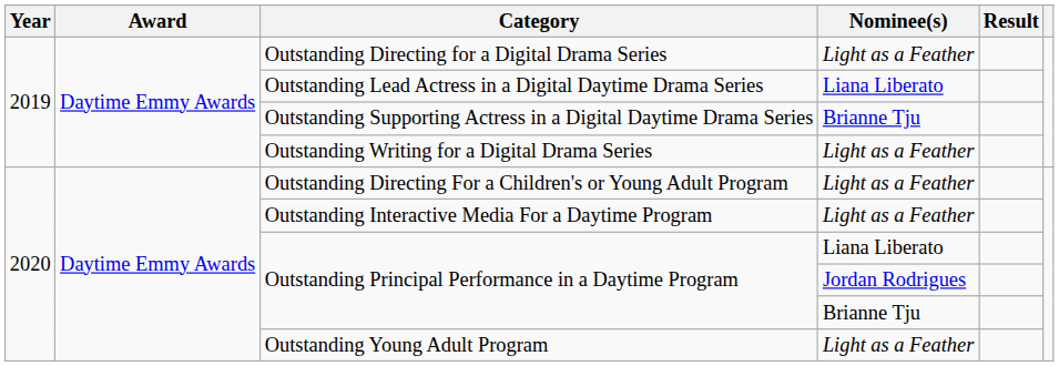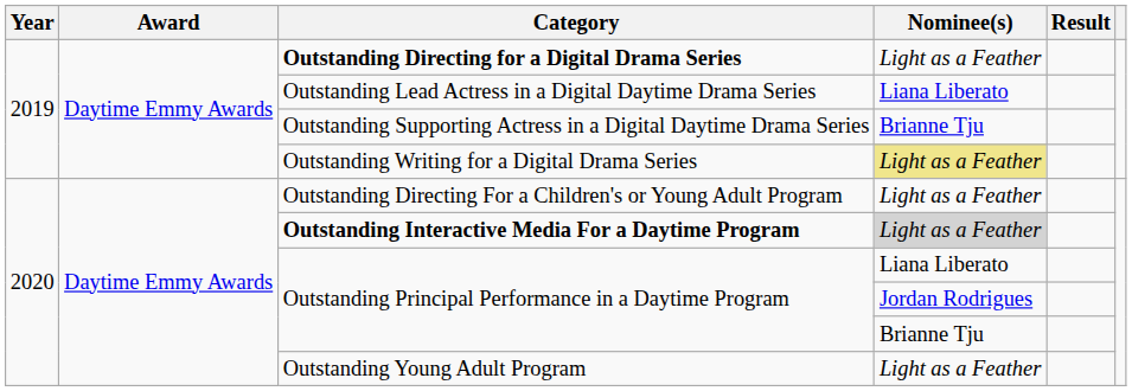 <table class="wikitable sortable">
 <tr>
 <th scope="col">Year</th>
 <th scope="col">Award</th>
 <th scope="col">Category</th>
 <th scope="col">Nominee(s)</th>
 <th scope="col">Result</th>
 <th scope="col" class="unsortable"></th>
 </tr>
 <tr>
 <td rowspan="4">2019</td>
 <td rowspan="4"><a href='#'>Daytime Emmy Awards</a></td>
-<td>Outstanding Directing for a Digital Drama Series</td>
+<td><strong>Outstanding Directing for a Digital Drama Series</strong></td>
 <td><em>Light as a Feather</em></td>
 <td></td>
 <td rowspan="4" style="text-align: center;"></td>
 </tr>
 <tr>
 <td>Outstanding Lead Actress in a Digital Daytime Drama Series</td>
 <td data-sort-value="Liberato, Liana"><a href='#'>Liana Liberato</a></td>
 <td></td>
 </tr>
 <tr>
 <td>Outstanding Supporting Actress in a Digital Daytime Drama Series</td>
 <td data-sort-value="Tju, Brianne"><a href='#'>Brianne Tju</a></td>
 <td></td>
 </tr>
 <tr>
 <td>Outstanding Writing for a Digital Drama Series</td>
-<td><em>Light as a Feather</em></td>
+<td style="background: khaki;"><em>Light as a Feather</em></td>
 <td></td>
 </tr>
 <tr>
 <td rowspan="6">2020</td>
 <td rowspan="6"><a href='#'>Daytime Emmy Awards</a></td>
 <td>Outstanding Directing For a Children's or Young Adult Program</td>
 <td><em>Light as a Feather</em></td>
 <td></td>
 <td rowspan="6" style="text-align: center;"></td>
 </tr>
 <tr>
-<td>Outstanding Interactive Media For a Daytime Program</td>
-<td><em>Light as a Feather</em></td>
+<td><strong>Outstanding Interactive Media For a Daytime Program</strong></td>
+<td style="background: lightgrey;"><em>Light as a Feather</em></td>
 <td></td>
 </tr>
 <tr>
 <td rowspan="3">Outstanding Principal Performance in a Daytime Program</td>
 <td data-sort-value="Liberato, Liana">Liana Liberato</td>
 <td></td>
 </tr>
 <tr>
 <td data-sort-value="Rodrigues, Jordan"><a href='#'>Jordan Rodrigues</a></td>
 <td></td>
 </tr>
 <tr>
 <td data-sort-value="Tju, Brianne">Brianne Tju</td>
 <td></td>
 </tr>
 <tr>
 <td>Outstanding Young Adult Program</td>
 <td><em>Light as a Feather</em></td>
 <td></td>
 </tr>
 </table>
